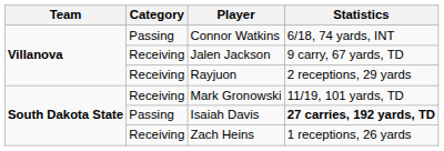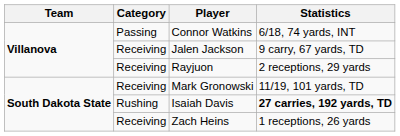 <table class="wikitable" style="float: left;">
 <tr>
 <th>Team</th>
 <th>Category</th>
 <th>Player</th>
 <th>Statistics</th>
 </tr>
 <tr>
 <td rowspan=3><strong>Villanova</strong></td>
 <td>Passing</td>
 <td>Connor Watkins</td>
 <td>6/18, 74 yards, INT</td>
 </tr>
 <tr>
 <td>Receiving</td>
 <td>Jalen Jackson</td>
 <td>9 carry, 67 yards, TD</td>
 </tr>
 <tr>
 <td>Receiving</td>
 <td>Rayjuon</td>
 <td>2 receptions, 29 yards</td>
 </tr>
 <tr>
 <td rowspan=3><strong>South Dakota State</strong></td>
 <td>Receiving</td>
 <td>Mark Gronowski</td>
 <td>11/19, 101 yards, TD</td>
 </tr>
 <tr>
-<td>Passing</td>
+<td>Rushing</td>
 <td>Isaiah Davis</td>
 <td><strong>27 carries, 192 yards, TD</strong></td>
 </tr>
 <tr>
 <td>Receiving</td>
 <td>Zach Heins</td>
 <td>1 receptions, 26 yards</td>
 </tr>
 </table>
